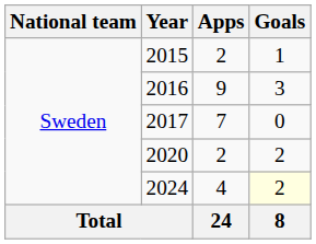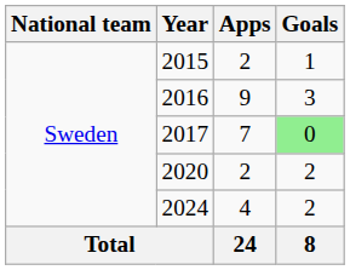 <table class="wikitable" style="text-align:center">
 <tr>
 <th>National team</th>
 <th>Year</th>
 <th>Apps</th>
 <th>Goals</th>
 </tr>
 <tr>
 <td rowspan="5"><a href='#'>Sweden</a></td>
 <td>2015</td>
 <td>2</td>
 <td>1</td>
 </tr>
 <tr>
 <td>2016</td>
 <td>9</td>
 <td>3</td>
 </tr>
 <tr>
 <td>2017</td>
 <td>7</td>
-<td>0</td>
+<td style="background: lightgreen;">0</td>
 </tr>
 <tr>
 <td>2020</td>
 <td>2</td>
 <td>2</td>
 </tr>
 <tr>
 <td>2024</td>
 <td>4</td>
-<td style="background: lightyellow;">2</td>
+<td>2</td>
 </tr>
 <tr>
 <th colspan="2">Total</th>
 <th>24</th>
 <th>8</th>
 </tr>
 </table>
